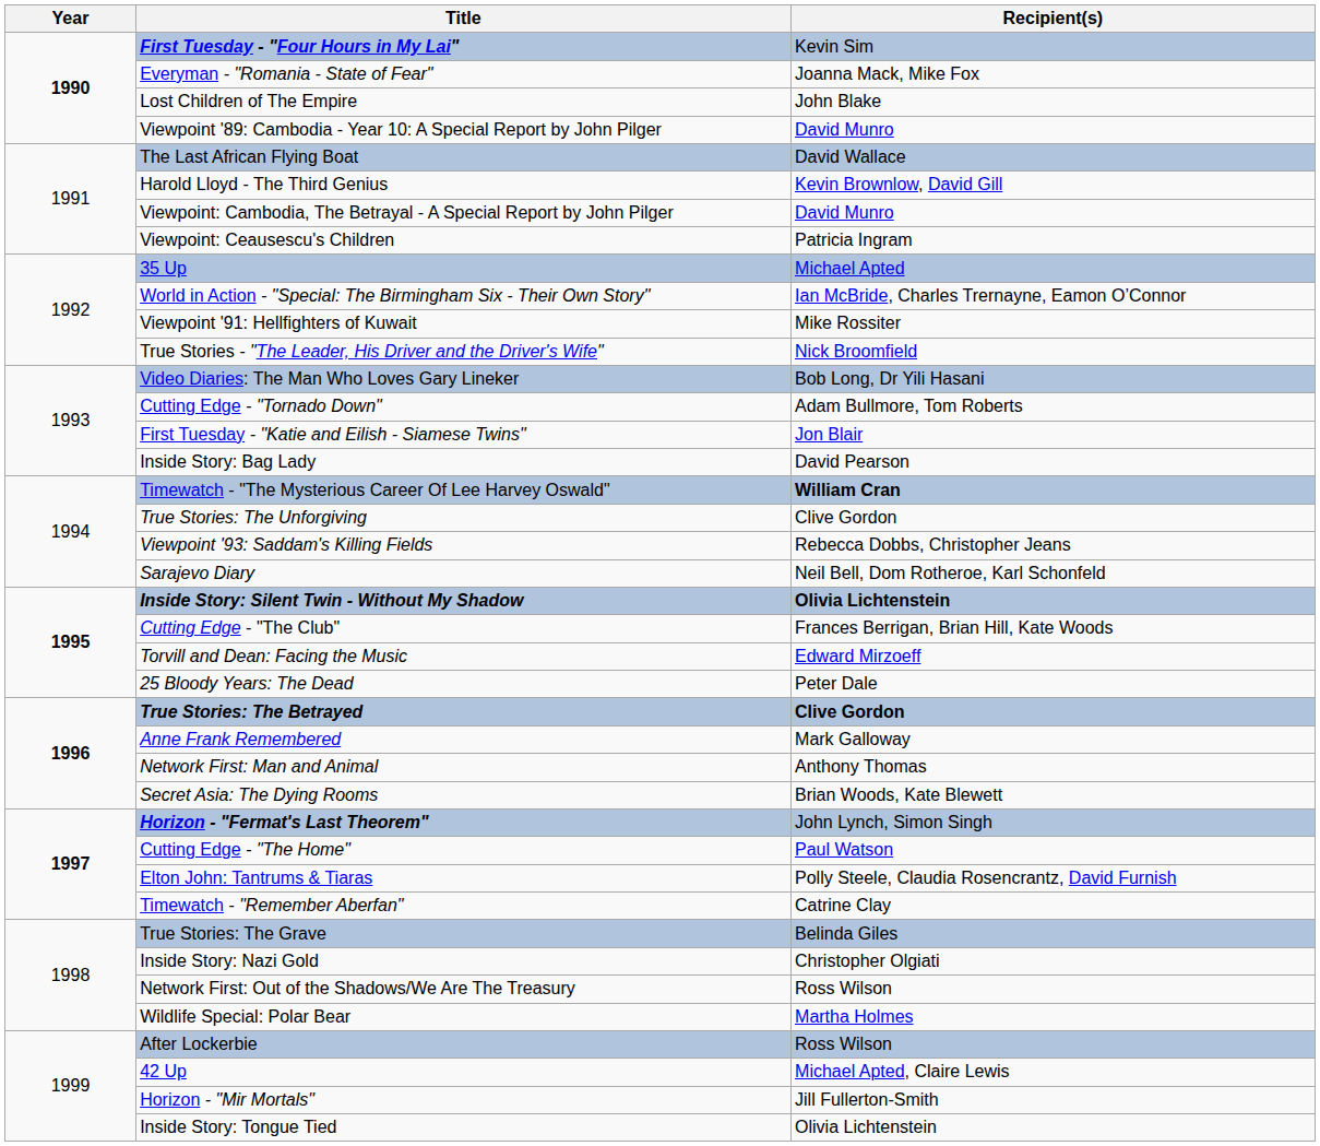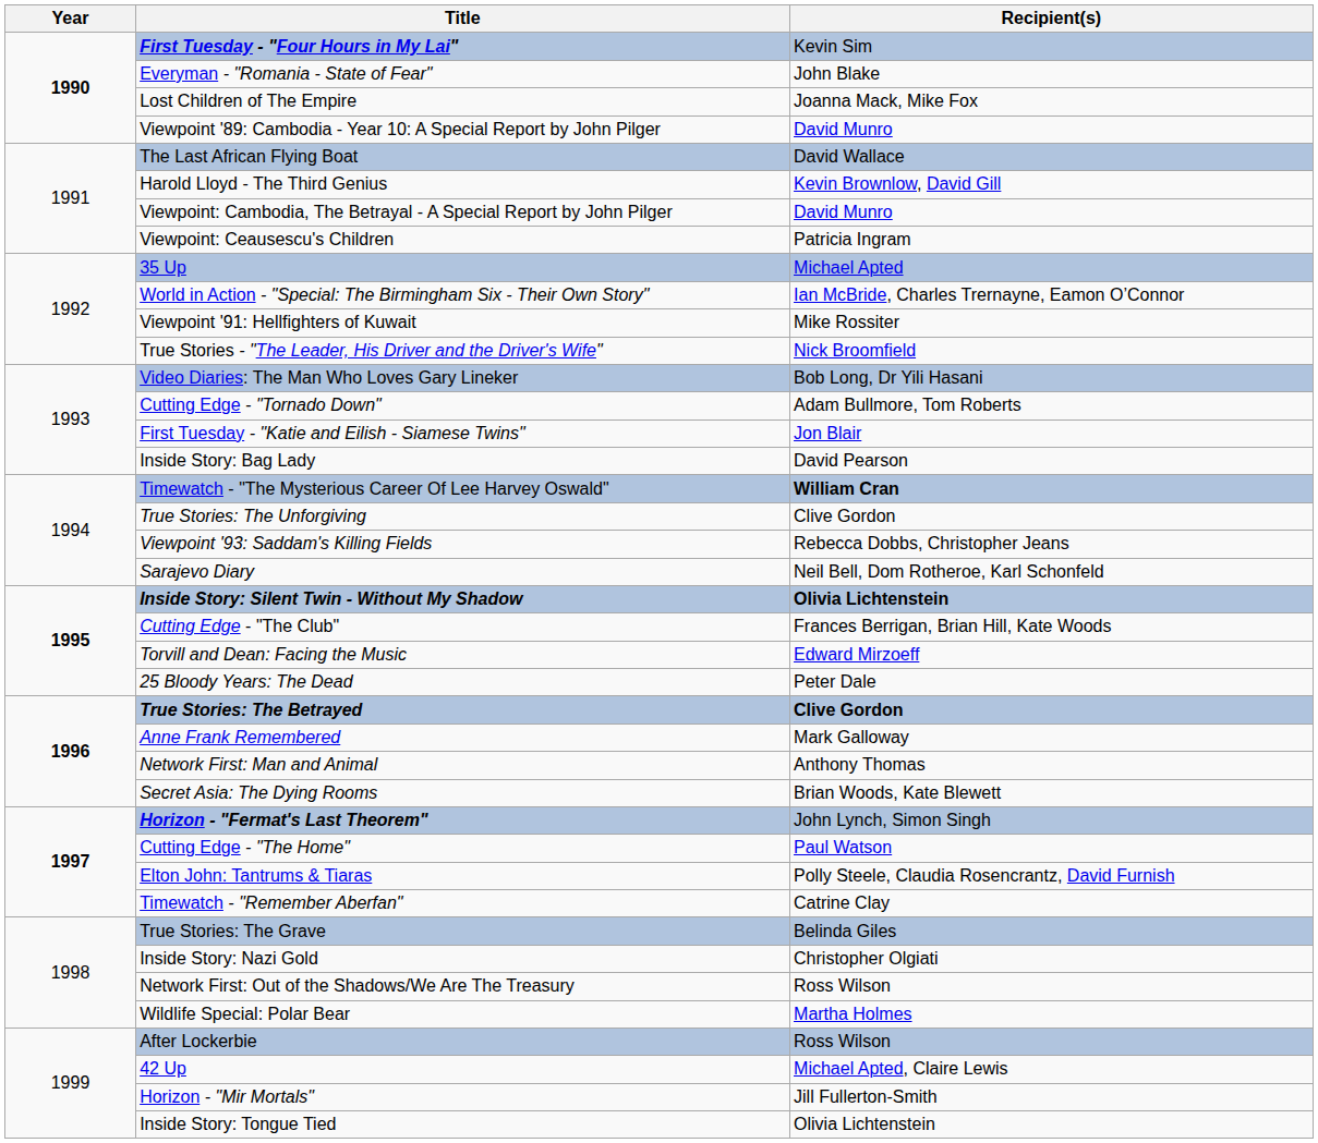 <table class="wikitable" width="95%">
 <tr>
 <th width=5%>Year</th>
 <th width=25%><strong>Title</strong></th>
 <th width=20%><strong>Recipient(s)</strong></th>
 </tr>
 <tr>
 <td rowspan="4" style="text-align:center;"><strong>1990</strong></td>
 <td style="background:#B0C4DE;"><strong><em><a href='#'>First Tuesday</a><em> - "<a href='#'>Four Hours in My Lai</a>"<strong></td>
 <td style="background:#B0C4DE;"></strong>Kevin Sim<strong></td>
 </tr>
 <tr>
 <td></em><a href='#'>Everyman</a><em> - "Romania - State of Fear"</td>
-<td>Joanna Mack, Mike Fox</td>
+<td>John Blake</td>
 </tr>
 <tr>
 <td></em>Lost Children of The Empire<em></td>
-<td>John Blake</td>
+<td>Joanna Mack, Mike Fox</td>
 </tr>
 <tr>
 <td></em>Viewpoint '89: Cambodia - Year 10: A Special Report by John Pilger<em></td>
 <td><a href='#'>David Munro</a></td>
 </tr>
 <tr>
 <td rowspan="4" style="text-align:center;"></strong>1991<strong></td>
 <td style="background:#B0C4DE;"></em></strong>The Last African Flying Boat<strong><em></td>
 <td style="background:#B0C4DE;"></strong>David Wallace<strong></td>
 </tr>
 <tr>
 <td></em>Harold Lloyd - The Third Genius<em></td>
 <td><a href='#'>Kevin Brownlow</a>, <a href='#'>David Gill</a></td>
 </tr>
 <tr>
 <td></em>Viewpoint: Cambodia, The Betrayal - A Special Report by John Pilger<em></td>
 <td><a href='#'>David Munro</a></td>
 </tr>
 <tr>
 <td></em>Viewpoint: Ceausescu's Children<em></td>
 <td>Patricia Ingram</td>
 </tr>
 <tr>
 <td rowspan="4" style="text-align:center;"></strong>1992<strong></td>
 <td style="background:#B0C4DE;"></em></strong><a href='#'>35 Up</a><strong><em></td>
 <td style="background:#B0C4DE;"></strong><a href='#'>Michael Apted</a><strong></td>
 </tr>
 <tr>
 <td></em><a href='#'>World in Action</a><em> - "Special: The Birmingham Six - Their Own Story"</td>
 <td><a href='#'>Ian McBride</a>, Charles Trernayne, Eamon O’Connor</td>
 </tr>
 <tr>
 <td></em>Viewpoint '91: Hellfighters of Kuwait<em></td>
 <td>Mike Rossiter</td>
 </tr>
 <tr>
 <td></em>True Stories<em> - "<a href='#'>The Leader, His Driver and the Driver's Wife</a>"</td>
 <td><a href='#'>Nick Broomfield</a></td>
 </tr>
 <tr>
 <td rowspan="4" style="text-align:center;"></strong>1993<strong></td>
 <td style="background:#B0C4DE;"></em></strong><a href='#'>Video Diaries</a>: The Man Who Loves Gary Lineker<strong><em></td>
 <td style="background:#B0C4DE;"></strong>Bob Long, Dr Yili Hasani<strong></td>
 </tr>
 <tr>
 <td></em><a href='#'>Cutting Edge</a><em> - "Tornado Down"</td>
 <td>Adam Bullmore, Tom Roberts</td>
 </tr>
 <tr>
 <td></em><a href='#'>First Tuesday</a><em> - "Katie and Eilish - Siamese Twins"</td>
 <td><a href='#'>Jon Blair</a></td>
 </tr>
 <tr>
 <td></em>Inside Story: Bag Lady<em></td>
 <td>David Pearson</td>
 </tr>
 <tr>
 <td rowspan="4" style="text-align:center;"></strong>1994<strong></td>
 <td style="background:#B0C4DE;"></em></strong><a href='#'>Timewatch</a></em> - "The Mysterious Career Of Lee Harvey Oswald"</strong></td>
 <td style="background:#B0C4DE;"><strong>William Cran</strong></td>
 </tr>
 <tr>
 <td><em>True Stories: The Unforgiving</em></td>
 <td>Clive Gordon</td>
 </tr>
 <tr>
 <td><em>Viewpoint '93: Saddam's Killing Fields</em></td>
 <td>Rebecca Dobbs, Christopher Jeans</td>
 </tr>
 <tr>
 <td><em>Sarajevo Diary</em></td>
 <td>Neil Bell, Dom Rotheroe, Karl Schonfeld</td>
 </tr>
 <tr>
 <td rowspan="4" style="text-align:center;"><strong>1995</strong></td>
 <td style="background:#B0C4DE;"><strong><em>Inside Story: Silent Twin - Without My Shadow</em></strong></td>
 <td style="background:#B0C4DE;"><strong>Olivia Lichtenstein</strong></td>
 </tr>
 <tr>
 <td><em><a href='#'>Cutting Edge</a></em> - "The Club"</td>
 <td>Frances Berrigan, Brian Hill, Kate Woods</td>
 </tr>
 <tr>
 <td><em>Torvill and Dean: Facing the Music</em></td>
 <td><a href='#'>Edward Mirzoeff</a></td>
 </tr>
 <tr>
 <td><em>25 Bloody Years: The Dead</em></td>
 <td>Peter Dale</td>
 </tr>
 <tr>
 <td rowspan="4" style="text-align:center;"><strong>1996</strong></td>
 <td style="background:#B0C4DE;"><strong><em>True Stories: The Betrayed</em></strong></td>
 <td style="background:#B0C4DE;"><strong>Clive Gordon</strong></td>
 </tr>
 <tr>
 <td><em><a href='#'>Anne Frank Remembered</a></em></td>
 <td>Mark Galloway</td>
 </tr>
 <tr>
 <td><em>Network First: Man and Animal</em></td>
 <td>Anthony Thomas</td>
 </tr>
 <tr>
 <td><em>Secret Asia: The Dying Rooms</em></td>
 <td>Brian Woods, Kate Blewett</td>
 </tr>
 <tr>
 <td rowspan="4" style="text-align:center;"><strong>1997</strong></td>
 <td style="background:#B0C4DE;"><strong><em><a href='#'>Horizon</a><em> - "Fermat's Last Theorem"<strong></td>
 <td style="background:#B0C4DE;"></strong>John Lynch, Simon Singh<strong></td>
 </tr>
 <tr>
 <td></em><a href='#'>Cutting Edge</a><em> - "The Home"</td>
 <td><a href='#'>Paul Watson</a></td>
 </tr>
 <tr>
 <td></em><a href='#'>Elton John: Tantrums & Tiaras</a><em></td>
 <td>Polly Steele, Claudia Rosencrantz, <a href='#'>David Furnish</a></td>
 </tr>
 <tr>
 <td></em><a href='#'>Timewatch</a><em> - "Remember Aberfan"</td>
 <td>Catrine Clay</td>
 </tr>
 <tr>
 <td rowspan="4" style="text-align:center;"></strong>1998<strong></td>
 <td style="background:#B0C4DE;"></em></strong>True Stories: The Grave<strong><em></td>
 <td style="background:#B0C4DE;"></strong>Belinda Giles<strong></td>
 </tr>
 <tr>
 <td></em>Inside Story: Nazi Gold<em></td>
 <td>Christopher Olgiati</td>
 </tr>
 <tr>
 <td></em>Network First: Out of the Shadows/We Are The Treasury<em></td>
 <td>Ross Wilson</td>
 </tr>
 <tr>
 <td></em>Wildlife Special: Polar Bear<em></td>
 <td><a href='#'>Martha Holmes</a></td>
 </tr>
 <tr>
 <td rowspan="4" style="text-align:center;"></strong>1999<strong></td>
 <td style="background:#B0C4DE;"></em></strong>After Lockerbie<strong><em></td>
 <td style="background:#B0C4DE;"></strong>Ross Wilson<strong></td>
 </tr>
 <tr>
 <td></em><a href='#'>42 Up</a><em></td>
 <td><a href='#'>Michael Apted</a>, Claire Lewis</td>
 </tr>
 <tr>
 <td></em><a href='#'>Horizon</a><em> - "Mir Mortals"</td>
 <td>Jill Fullerton-Smith</td>
 </tr>
 <tr>
 <td></em>Inside Story: Tongue Tied<em></td>
 <td>Olivia Lichtenstein</td>
 </tr>
 <tr>
 </tr>
 </table>
